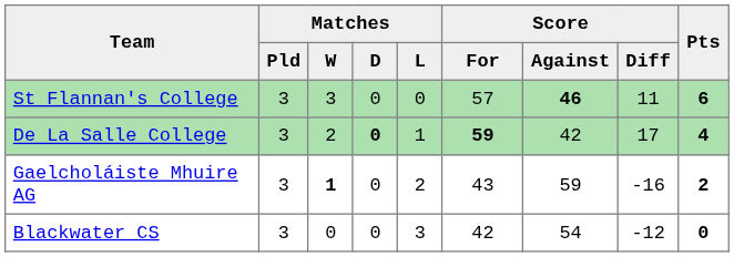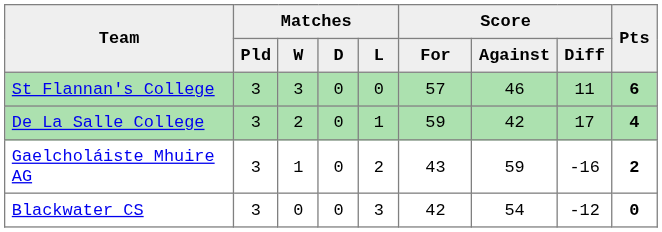 <table style=border-collapse:collapse border=1 cellspacing=0 cellpadding=5>
 <tr align=center bgcolor=#efefef>
 <th rowspan=2 width=165>Team</th>
 <th colspan=4>Matches</th>
 <th colspan=3>Score</th>
 <th rowspan=2width=20>Pts</th>
 </tr>
 <tr align=center bgcolor=#efefef>
 <th width=20>Pld</th>
 <th width=20>W</th>
 <th width=20>D</th>
 <th width=20>L</th>
 <th width=45>For</th>
 <th width=45>Against</th>
 <th width=30>Diff</th>
 </tr>
 <tr align=center style="background:#ACE1AF;">
 <td style="text-align:left;"><a href='#'>St Flannan's College</a></td>
 <td>3</td>
 <td>3</td>
 <td>0</td>
 <td>0</td>
 <td>57</td>
-<td><strong>46</strong></td>
+<td>46</td>
 <td>11</td>
 <td><strong>6</strong></td>
 </tr>
 <tr align=center style="background:#ACE1AF;">
 <td style="text-align:left;"><a href='#'>De La Salle College</a></td>
 <td>3</td>
 <td>2</td>
-<td><strong>0</strong></td>
+<td>0</td>
 <td>1</td>
-<td><strong>59</strong></td>
+<td>59</td>
 <td>42</td>
 <td>17</td>
 <td><strong>4</strong></td>
 </tr>
 <tr align=center>
 <td style="text-align:left;"><a href='#'>Gaelcholáiste Mhuire AG</a></td>
 <td>3</td>
-<td><strong>1</strong></td>
+<td>1</td>
 <td>0</td>
 <td>2</td>
 <td>43</td>
 <td>59</td>
 <td>-16</td>
 <td><strong>2</strong></td>
 </tr>
 <tr align=center>
 <td style="text-align:left;"><a href='#'>Blackwater CS</a></td>
 <td>3</td>
 <td>0</td>
 <td>0</td>
 <td>3</td>
 <td>42</td>
 <td>54</td>
 <td>-12</td>
 <td><strong>0</strong></td>
 </tr>
 </table>
